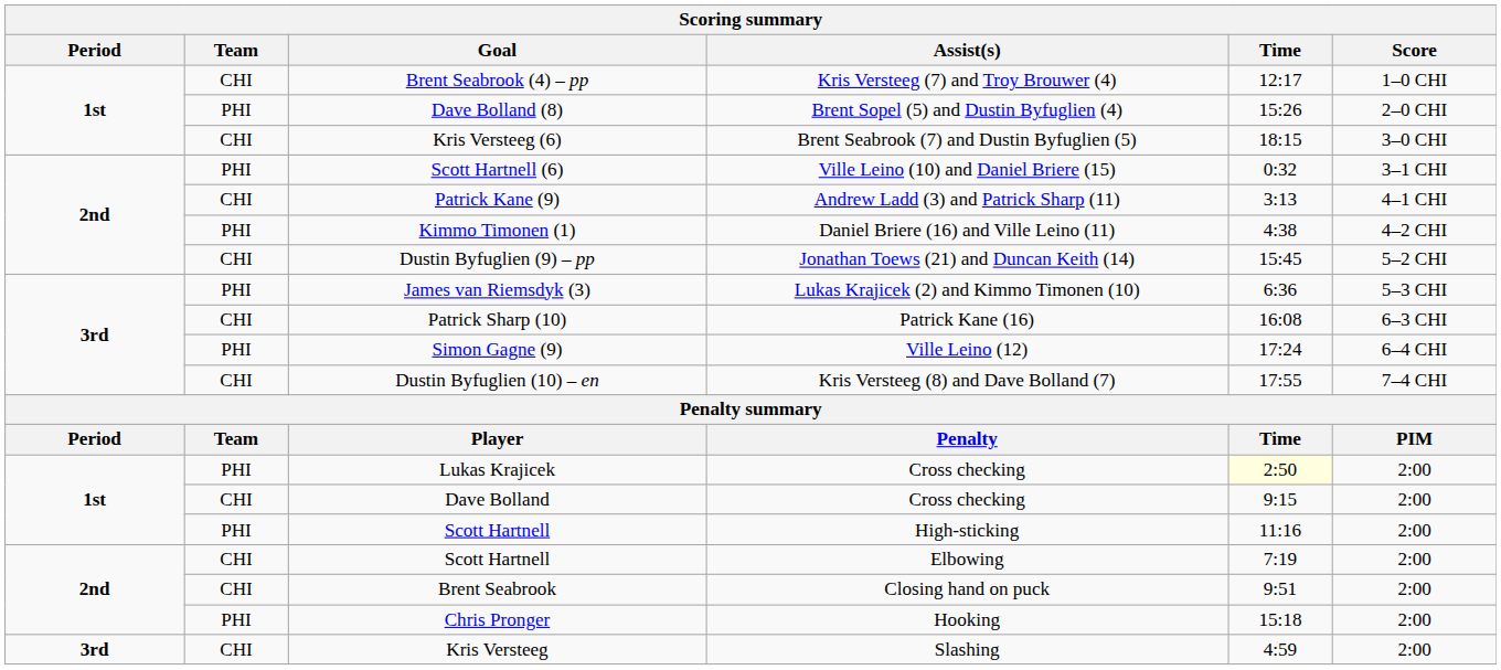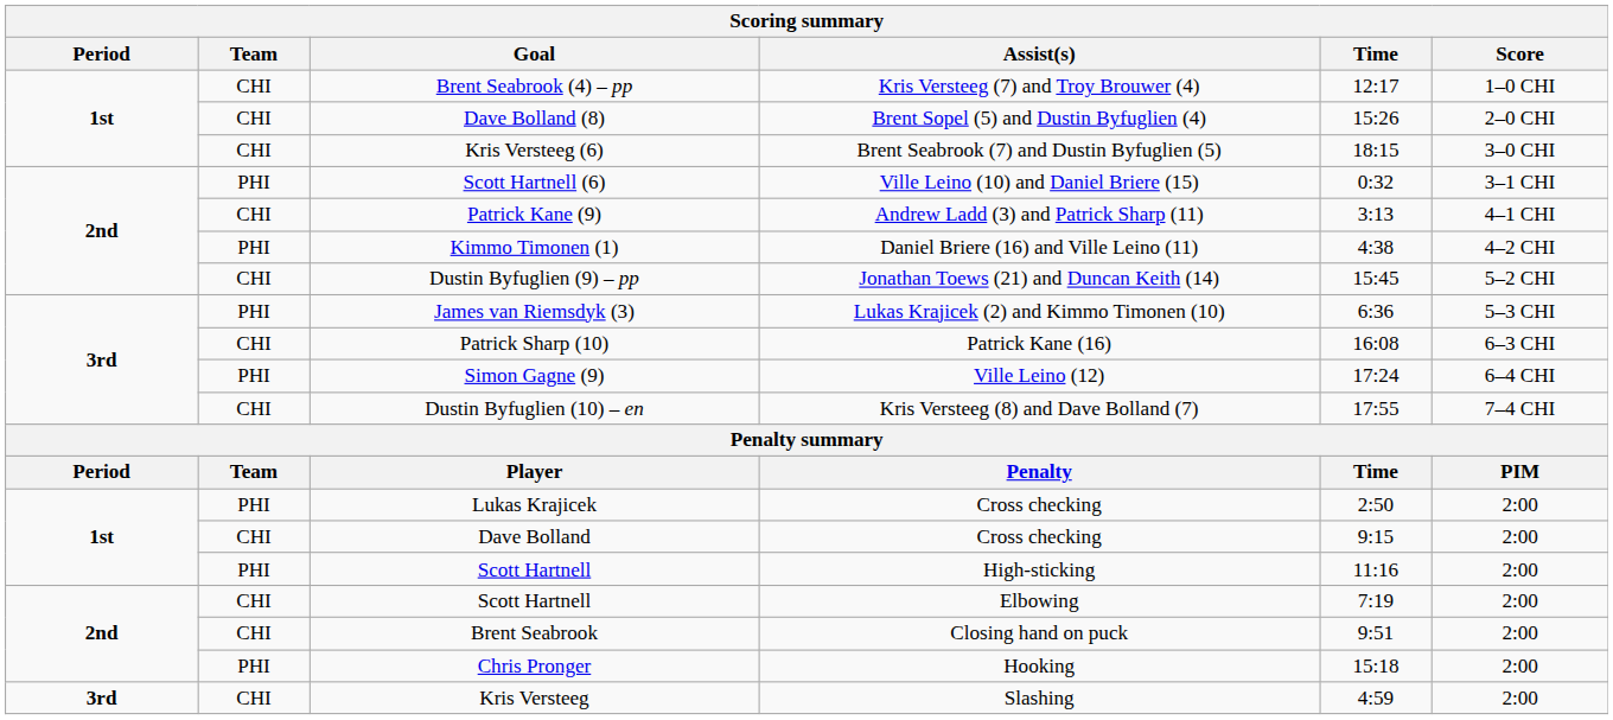 <table style="width:100%;" class="wikitable">
 <tr>
 <th colspan=6>Scoring summary</th>
 </tr>
 <tr>
 <th style="width:12%;">Period</th>
 <th style="width:7%;">Team</th>
 <th style="width:28%;">Goal</th>
 <th style="width:35%;">Assist(s)</th>
 <th style="width:7%;">Time</th>
 <th style="width:11%;">Score</th>
 </tr>
 <tr style="text-align:center;">
 <td rowspan="3"><strong>1st</strong></td>
 <td>CHI</td>
 <td><a href='#'>Brent Seabrook</a> (4) – <em>pp</em></td>
 <td><a href='#'>Kris Versteeg</a> (7) and <a href='#'>Troy Brouwer</a> (4)</td>
 <td>12:17</td>
 <td>1–0 CHI</td>
 </tr>
 <tr style="text-align:center;">
-<td>PHI</td>
+<td>CHI</td>
 <td><a href='#'>Dave Bolland</a> (8)</td>
 <td><a href='#'>Brent Sopel</a> (5) and <a href='#'>Dustin Byfuglien</a> (4)</td>
 <td>15:26</td>
 <td>2–0 CHI</td>
 </tr>
 <tr style="text-align:center;">
 <td>CHI</td>
 <td>Kris Versteeg (6)</td>
 <td>Brent Seabrook (7) and Dustin Byfuglien (5)</td>
 <td>18:15</td>
 <td>3–0 CHI</td>
 </tr>
 <tr style="text-align:center;">
 <td rowspan="4"><strong>2nd</strong></td>
 <td>PHI</td>
 <td><a href='#'>Scott Hartnell</a> (6)</td>
 <td><a href='#'>Ville Leino</a> (10) and <a href='#'>Daniel Briere</a> (15)</td>
 <td>0:32</td>
 <td>3–1 CHI</td>
 </tr>
 <tr style="text-align:center;">
 <td>CHI</td>
 <td><a href='#'>Patrick Kane</a> (9)</td>
 <td><a href='#'>Andrew Ladd</a> (3) and <a href='#'>Patrick Sharp</a> (11)</td>
 <td>3:13</td>
 <td>4–1 CHI</td>
 </tr>
 <tr style="text-align:center;">
 <td>PHI</td>
 <td><a href='#'>Kimmo Timonen</a> (1)</td>
 <td>Daniel Briere (16) and Ville Leino (11)</td>
 <td>4:38</td>
 <td>4–2 CHI</td>
 </tr>
 <tr style="text-align:center;">
 <td>CHI</td>
 <td>Dustin Byfuglien (9) – <em>pp</em></td>
 <td><a href='#'>Jonathan Toews</a> (21) and <a href='#'>Duncan Keith</a> (14)</td>
 <td>15:45</td>
 <td>5–2 CHI</td>
 </tr>
 <tr style="text-align:center;">
 <td rowspan="4"><strong>3rd</strong></td>
 <td>PHI</td>
 <td><a href='#'>James van Riemsdyk</a> (3)</td>
 <td><a href='#'>Lukas Krajicek</a> (2) and Kimmo Timonen (10)</td>
 <td>6:36</td>
 <td>5–3 CHI</td>
 </tr>
 <tr style="text-align:center;">
 <td>CHI</td>
 <td>Patrick Sharp (10)</td>
 <td>Patrick Kane (16)</td>
 <td>16:08</td>
 <td>6–3 CHI</td>
 </tr>
 <tr style="text-align:center;">
 <td>PHI</td>
 <td><a href='#'>Simon Gagne</a> (9)</td>
 <td><a href='#'>Ville Leino</a> (12)</td>
 <td>17:24</td>
 <td>6–4 CHI</td>
 </tr>
 <tr style="text-align:center;">
 <td>CHI</td>
 <td>Dustin Byfuglien (10) – <em>en</em></td>
 <td>Kris Versteeg (8) and Dave Bolland (7)</td>
 <td>17:55</td>
 <td>7–4 CHI</td>
 </tr>
 <tr>
 <th colspan=6>Penalty summary</th>
 </tr>
 <tr>
 <th style="width:12%;">Period</th>
 <th style="width:7%;">Team</th>
 <th style="width:28%;">Player</th>
 <th style="width:35%;"><a href='#'>Penalty</a></th>
 <th style="width:7%;">Time</th>
 <th style="width:11%;">PIM</th>
 </tr>
 <tr style="text-align:center;">
 <td rowspan="3"><strong>1st</strong></td>
 <td>PHI</td>
 <td>Lukas Krajicek</td>
 <td>Cross checking</td>
-<td style="background: lightyellow;">2:50</td>
+<td>2:50</td>
 <td>2:00</td>
 </tr>
 <tr style="text-align:center;">
 <td>CHI</td>
 <td>Dave Bolland</td>
 <td>Cross checking</td>
 <td>9:15</td>
 <td>2:00</td>
 </tr>
 <tr style="text-align:center;">
 <td>PHI</td>
 <td><a href='#'>Scott Hartnell</a></td>
 <td>High-sticking</td>
 <td>11:16</td>
 <td>2:00</td>
 </tr>
 <tr style="text-align:center;">
 <td rowspan="3"><strong>2nd</strong></td>
 <td>CHI</td>
 <td>Scott Hartnell</td>
 <td>Elbowing</td>
 <td>7:19</td>
 <td>2:00</td>
 </tr>
 <tr style="text-align:center;">
 <td>CHI</td>
 <td>Brent Seabrook</td>
 <td>Closing hand on puck</td>
 <td>9:51</td>
 <td>2:00</td>
 </tr>
 <tr style="text-align:center;">
 <td>PHI</td>
 <td><a href='#'>Chris Pronger</a></td>
 <td>Hooking</td>
 <td>15:18</td>
 <td>2:00</td>
 </tr>
 <tr style="text-align:center;">
 <td><strong>3rd</strong></td>
 <td>CHI</td>
 <td>Kris Versteeg</td>
 <td>Slashing</td>
 <td>4:59</td>
 <td>2:00</td>
 </tr>
 </table>
